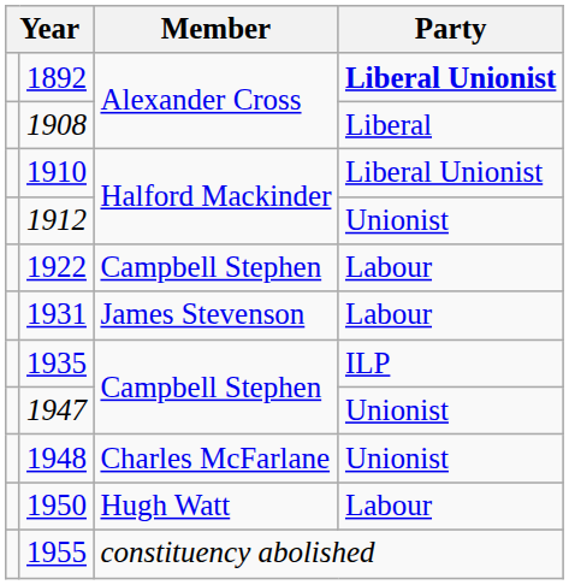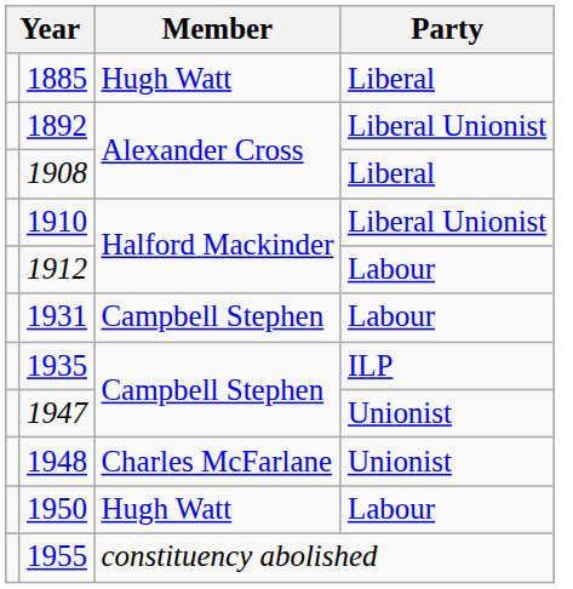 <table class="wikitable">
 <tr>
 <th colspan="2">Year</th>
 <th>Member</th>
 <th>Party</th>
 </tr>
 <tr>
 <td style="color:inherit;background-color: "></td>
+<td><a href='#'>1885</a></td>
+<td><a href='#'>Hugh Watt</a></td>
+<td><a href='#'>Liberal</a></td>
+</tr>
+<tr>
+<td style="color:inherit;background-color: "></td>
 <td><a href='#'>1892</a></td>
 <td rowspan=2><a href='#'>Alexander Cross</a></td>
-<td><strong><a href='#'>Liberal Unionist</a></strong></td>
+<td><a href='#'>Liberal Unionist</a></td>
 </tr>
 <tr>
 <td style="color:inherit;background-color: "></td>
 <td><em>1908</em></td>
 <td><a href='#'>Liberal</a></td>
 </tr>
 <tr>
 <td style="color:inherit;background-color: "></td>
 <td><a href='#'>1910</a></td>
 <td rowspan=2><a href='#'>Halford Mackinder</a></td>
 <td><a href='#'>Liberal Unionist</a></td>
 </tr>
 <tr>
 <td style="color:inherit;background-color: "></td>
 <td><em>1912</em></td>
-<td><a href='#'>Unionist</a></td>
-</tr>
-<tr>
-<td style="color:inherit;background-color: "></td>
-<td><a href='#'>1922</a></td>
-<td><a href='#'>Campbell Stephen</a></td>
 <td><a href='#'>Labour</a></td>
 </tr>
 <tr>
 <td style="color:inherit;background-color: "></td>
 <td><a href='#'>1931</a></td>
-<td><a href='#'>James Stevenson</a></td>
+<td><a href='#'>Campbell Stephen</a></td>
 <td><a href='#'>Labour</a></td>
 </tr>
 <tr>
 <td style="color:inherit;background-color: "></td>
 <td><a href='#'>1935</a></td>
 <td rowspan="2"><a href='#'>Campbell Stephen</a></td>
 <td><a href='#'>ILP</a></td>
 </tr>
 <tr>
 <td style="color:inherit;background-color: "></td>
 <td><em>1947</em></td>
 <td><a href='#'>Unionist</a></td>
 </tr>
 <tr>
 <td style="color:inherit;background-color: "></td>
 <td><a href='#'>1948</a></td>
 <td><a href='#'>Charles McFarlane</a></td>
 <td><a href='#'>Unionist</a></td>
 </tr>
 <tr>
 <td style="color:inherit;background-color: "></td>
 <td><a href='#'>1950</a></td>
 <td><a href='#'>Hugh Watt</a></td>
 <td><a href='#'>Labour</a></td>
 </tr>
 <tr>
 <td></td>
 <td><a href='#'>1955</a></td>
 <td colspan="2"><em>constituency abolished</em></td>
 </tr>
 </table>
